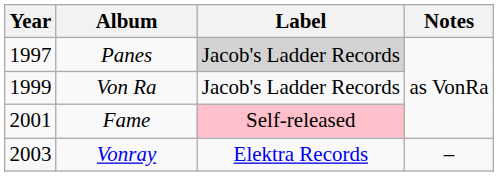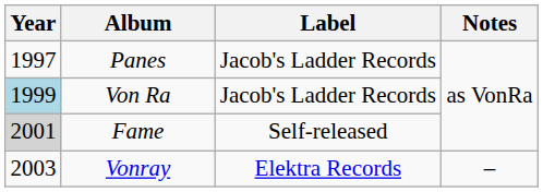 <table class="wikitable" style="text-align:center;">
 <tr>
 <th>Year</th>
 <th scope="col" width="100">Album</th>
 <th>Label</th>
 <th>Notes</th>
 </tr>
 <tr>
 <td>1997</td>
 <td><em>Panes</em></td>
-<td style="background: lightgrey;">Jacob's Ladder Records</td>
+<td>Jacob's Ladder Records</td>
 <td rowspan="3">as VonRa</td>
 </tr>
 <tr>
-<td>1999</td>
+<td style="background: lightblue;">1999</td>
 <td><em>Von Ra</em></td>
 <td>Jacob's Ladder Records</td>
 </tr>
 <tr>
-<td>2001</td>
+<td style="background: lightgrey;">2001</td>
 <td><em>Fame</em></td>
-<td style="background: pink;">Self-released</td>
+<td>Self-released</td>
 </tr>
 <tr>
 <td>2003</td>
 <td><em><a href='#'>Vonray</a></em></td>
 <td><a href='#'>Elektra Records</a></td>
 <td>–</td>
 </tr>
 </table>
